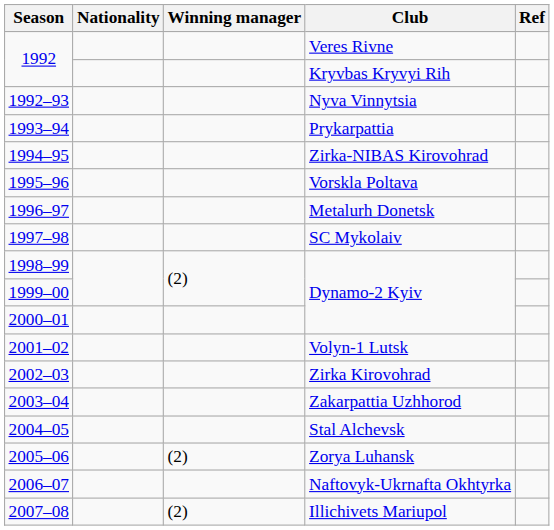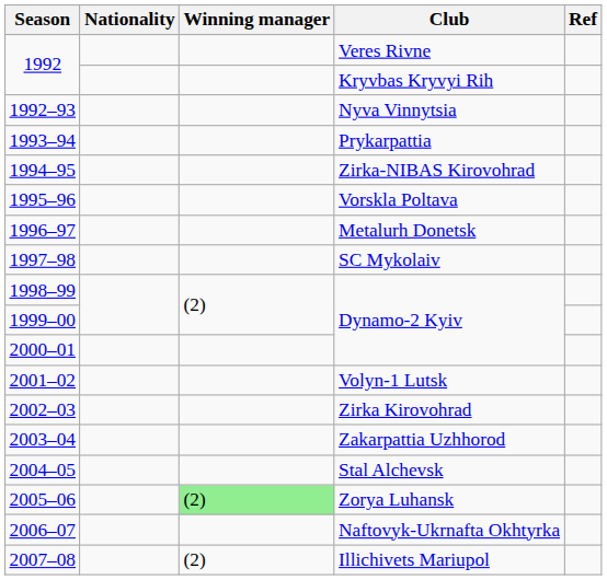 <table class="sortable wikitable">
 <tr>
 <th>Season</th>
 <th>Nationality</th>
 <th>Winning manager</th>
 <th>Club</th>
 <th class="unsortable">Ref</th>
 </tr>
 <tr>
 <td align=center rowspan=2><a href='#'>1992</a></td>
 <td align=center></td>
 <td></td>
 <td><a href='#'>Veres Rivne</a></td>
 <td align=center></td>
 </tr>
 <tr>
 <td align=center></td>
 <td></td>
 <td><a href='#'>Kryvbas Kryvyi Rih</a></td>
 <td align=center></td>
 </tr>
 <tr>
 <td align=center><a href='#'>1992–93</a></td>
 <td align=center></td>
 <td></td>
 <td><a href='#'>Nyva Vinnytsia</a></td>
 <td align=center></td>
 </tr>
 <tr>
 <td align=center><a href='#'>1993–94</a></td>
 <td align=center></td>
 <td></td>
 <td><a href='#'>Prykarpattia</a></td>
 <td align=center></td>
 </tr>
 <tr>
 <td align=center><a href='#'>1994–95</a></td>
 <td align=center></td>
 <td></td>
 <td><a href='#'>Zirka-NIBAS Kirovohrad</a></td>
 <td align=center></td>
 </tr>
 <tr>
 <td align=center><a href='#'>1995–96</a></td>
 <td align=center></td>
 <td></td>
 <td><a href='#'>Vorskla Poltava</a></td>
 <td align=center></td>
 </tr>
 <tr>
 <td align=center><a href='#'>1996–97</a></td>
 <td align=center></td>
 <td></td>
 <td><a href='#'>Metalurh Donetsk</a></td>
 <td align=center></td>
 </tr>
 <tr>
 <td align=center><a href='#'>1997–98</a></td>
 <td align=center></td>
 <td></td>
 <td><a href='#'>SC Mykolaiv</a></td>
 <td align=center></td>
 </tr>
 <tr>
 <td align=center><a href='#'>1998–99</a></td>
 <td align=center rowspan=2></td>
 <td rowspan=2> (2)</td>
 <td rowspan=3><a href='#'>Dynamo-2 Kyiv</a></td>
 <td align=center></td>
 </tr>
 <tr>
 <td align=center><a href='#'>1999–00</a></td>
 <td align=center></td>
 </tr>
 <tr>
 <td align=center><a href='#'>2000–01</a></td>
 <td align=center></td>
 <td></td>
 <td align=center></td>
 </tr>
 <tr>
 <td align=center><a href='#'>2001–02</a></td>
 <td align=center></td>
 <td></td>
 <td><a href='#'>Volyn-1 Lutsk</a></td>
 <td align=center></td>
 </tr>
 <tr>
 <td align=center><a href='#'>2002–03</a></td>
 <td align=center></td>
 <td></td>
 <td><a href='#'>Zirka Kirovohrad</a></td>
 <td align=center></td>
 </tr>
 <tr>
 <td align=center><a href='#'>2003–04</a></td>
 <td align=center></td>
 <td></td>
 <td><a href='#'>Zakarpattia Uzhhorod</a></td>
 <td align=center></td>
 </tr>
 <tr>
 <td align=center><a href='#'>2004–05</a></td>
 <td align=center></td>
 <td></td>
 <td><a href='#'>Stal Alchevsk</a></td>
 <td align=center></td>
 </tr>
 <tr>
 <td align=center><a href='#'>2005–06</a></td>
 <td align=center></td>
-<td> (2)</td>
+<td style="background: lightgreen;"> (2)</td>
 <td><a href='#'>Zorya Luhansk</a></td>
 <td align=center></td>
 </tr>
 <tr>
 <td align=center><a href='#'>2006–07</a></td>
 <td align=center></td>
 <td></td>
 <td><a href='#'>Naftovyk-Ukrnafta Okhtyrka</a></td>
 <td align=center></td>
 </tr>
 <tr>
 <td align=center><a href='#'>2007–08</a></td>
 <td align=center></td>
 <td> (2)</td>
 <td><a href='#'>Illichivets Mariupol</a></td>
 <td align=center></td>
 </tr>
 </table>
